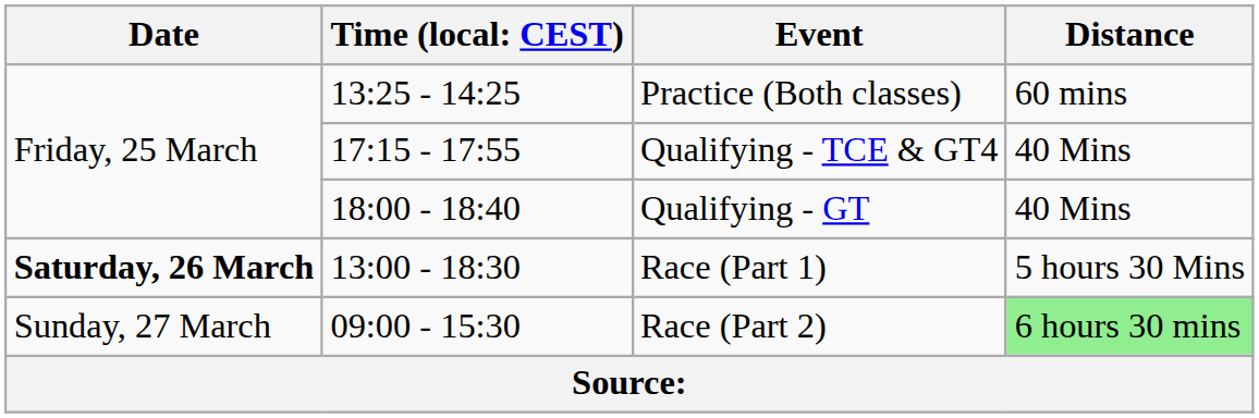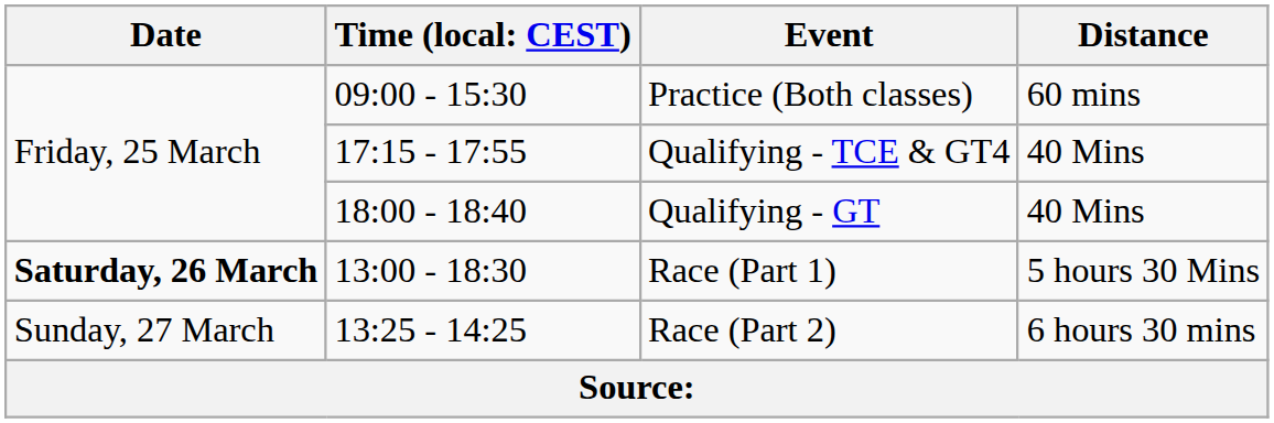 <table class="wikitable" style="font-size: 90%;">
 <tr>
 <th>Date</th>
 <th>Time (local: <a href='#'>CEST</a>)</th>
 <th>Event</th>
 <th>Distance</th>
 </tr>
 <tr>
 <td rowspan=3>Friday, 25 March</td>
-<td>13:25 - 14:25</td>
+<td>09:00 - 15:30</td>
 <td>Practice (Both classes)</td>
 <td>60 mins</td>
 </tr>
 <tr>
 <td>17:15 - 17:55</td>
 <td>Qualifying - <a href='#'>TCE</a> & GT4</td>
 <td>40 Mins</td>
 </tr>
 <tr>
 <td>18:00 - 18:40</td>
 <td>Qualifying - <a href='#'>GT</a></td>
 <td>40 Mins</td>
 </tr>
 <tr>
 <td><strong>Saturday, 26 March</strong></td>
 <td>13:00 - 18:30</td>
 <td>Race (Part 1)</td>
 <td>5 hours 30 Mins</td>
 </tr>
 <tr>
 <td>Sunday, 27 March</td>
-<td>09:00 - 15:30</td>
+<td>13:25 - 14:25</td>
 <td>Race (Part 2)</td>
-<td style="background: lightgreen;">6 hours 30 mins</td>
+<td>6 hours 30 mins</td>
 </tr>
 <tr>
 <th colspan=4>Source:</th>
 </tr>
 </table>
